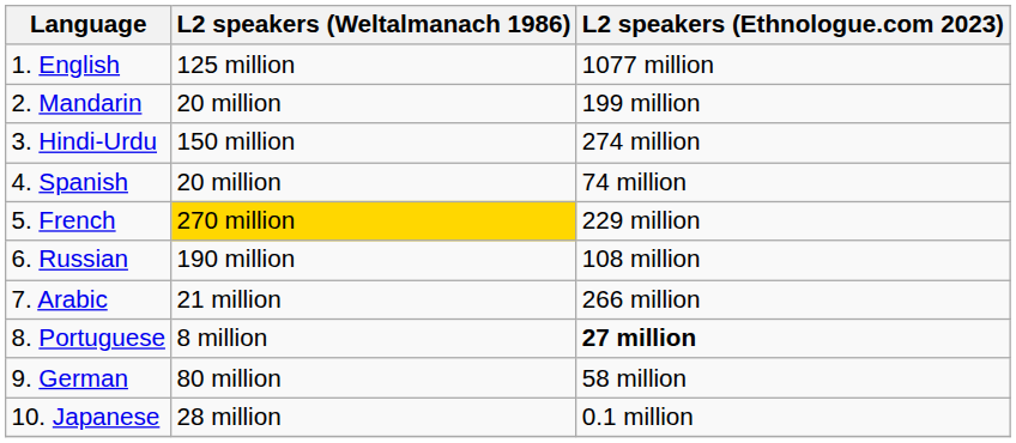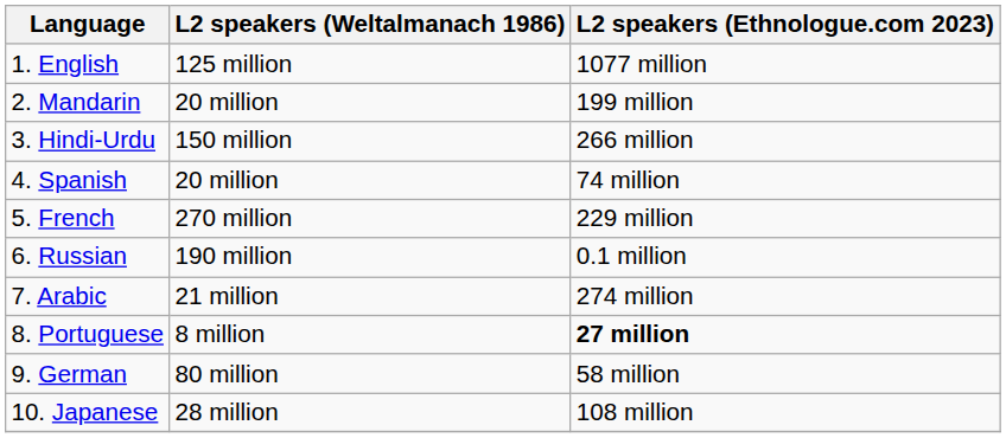 <table class="wikitable sortable">
 <tr>
 <th>Language</th>
 <th data-sort-type="number">L2 speakers (Weltalmanach 1986)</th>
 <th data-sort-type="number">L2 speakers (Ethnologue.com 2023)</th>
 </tr>
 <tr>
 <td>1. <a href='#'>English</a></td>
 <td>125 million</td>
 <td>1077 million</td>
 </tr>
 <tr>
 <td>2. <a href='#'>Mandarin</a></td>
 <td>20 million</td>
 <td>199 million</td>
 </tr>
 <tr>
 <td>3. <a href='#'>Hindi-Urdu</a></td>
 <td>150 million</td>
-<td>274 million</td>
+<td>266 million</td>
 </tr>
 <tr>
 <td>4. <a href='#'>Spanish</a></td>
 <td>20 million</td>
 <td>74 million</td>
 </tr>
 <tr>
 <td>5. <a href='#'>French</a></td>
-<td style="background: gold;">270 million</td>
+<td>270 million</td>
 <td>229 million</td>
 </tr>
 <tr>
 <td>6. <a href='#'>Russian</a></td>
 <td>190 million</td>
-<td>108 million</td>
+<td>0.1 million</td>
 </tr>
 <tr>
 <td>7. <a href='#'>Arabic</a></td>
 <td>21 million</td>
-<td>266 million</td>
+<td>274 million</td>
 </tr>
 <tr>
 <td>8. <a href='#'>Portuguese</a></td>
 <td>8 million</td>
 <td><strong>27 million</strong></td>
 </tr>
 <tr>
 <td>9. <a href='#'>German</a></td>
 <td>80 million</td>
 <td>58 million</td>
 </tr>
 <tr>
 <td>10. <a href='#'>Japanese</a><br></td>
 <td>28 million</td>
-<td>0.1 million</td>
+<td>108 million</td>
 </tr>
 <tr>
 </tr>
 </table>
